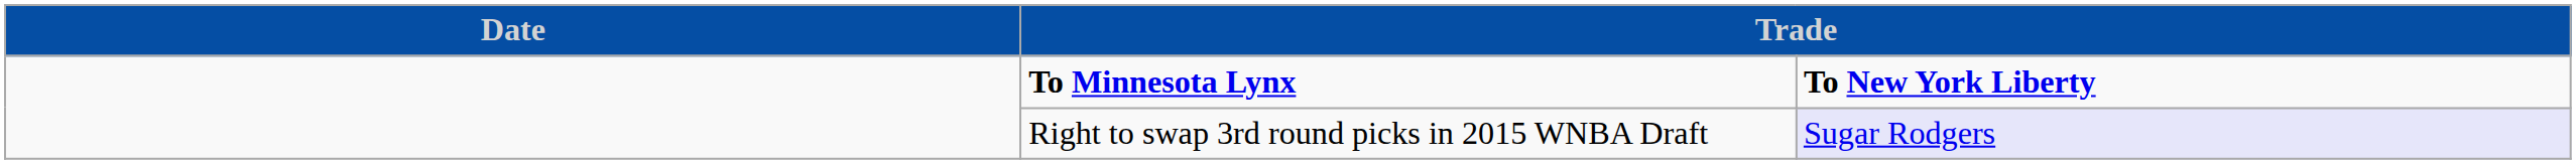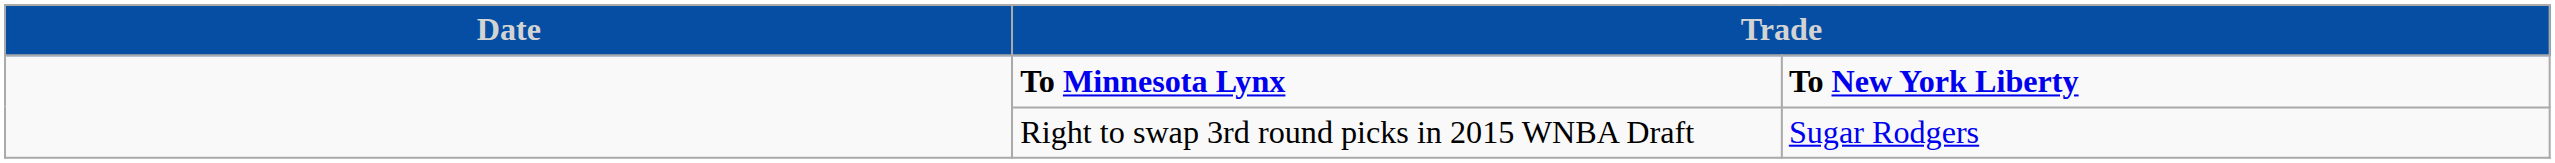 <table class="wikitable" style="width:80%">
 <tr>
 <th style="background:#054EA4;color:#D3D3D3; width=125">Date</th>
 <th style="background:#054EA4;color:#D3D3D3;" colspan=2>Trade</th>
 </tr>
 <tr>
 <td rowspan=2></td>
 <td width=375><strong>To <a href='#'>Minnesota Lynx</a></strong></td>
 <td width=375><strong>To <a href='#'>New York Liberty</a></strong></td>
 </tr>
 <tr>
 <td>Right to swap 3rd round picks in 2015 WNBA Draft</td>
-<td style="background: lavender;"><a href='#'>Sugar Rodgers</a></td>
+<td><a href='#'>Sugar Rodgers</a></td>
 </tr>
 </table>
